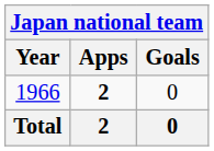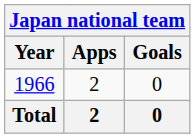 <table class="wikitable" style="text-align:center">
 <tr>
 <th colspan=3><a href='#'>Japan national team</a></th>
 </tr>
 <tr>
 <th>Year</th>
 <th>Apps</th>
 <th>Goals</th>
 </tr>
 <tr>
 <td><a href='#'>1966</a></td>
-<td><strong>2</strong></td>
+<td>2</td>
 <td>0</td>
 </tr>
 <tr>
 <th>Total</th>
 <th>2</th>
 <th>0</th>
 </tr>
 </table>
